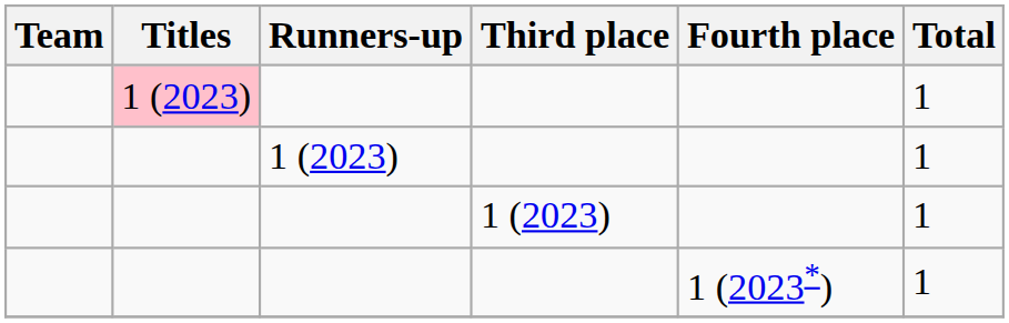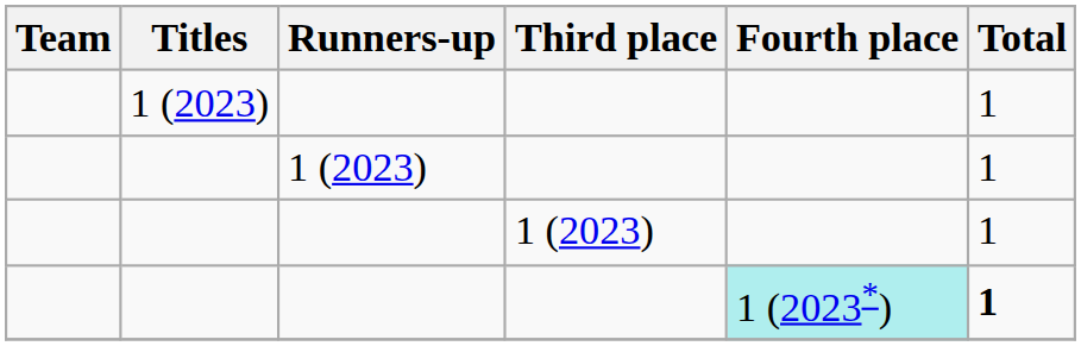 <table class="wikitable sortable">
 <tr>
 <th>Team</th>
 <th>Titles</th>
 <th>Runners-up</th>
 <th>Third place</th>
 <th>Fourth place</th>
 <th>Total</th>
 </tr>
 <tr>
 <td></td>
-<td style="background: pink;">1 (<a href='#'>2023</a>)</td>
+<td>1 (<a href='#'>2023</a>)</td>
 <td></td>
 <td></td>
 <td></td>
 <td>1</td>
 </tr>
 <tr>
 <td></td>
 <td></td>
 <td>1 (<a href='#'>2023</a>)</td>
 <td></td>
 <td></td>
 <td>1</td>
 </tr>
 <tr>
 <td></td>
 <td></td>
 <td></td>
 <td>1 (<a href='#'>2023</a>)</td>
 <td></td>
 <td>1</td>
 </tr>
 <tr>
 <td></td>
 <td></td>
 <td></td>
 <td></td>
-<td>1 (<a href='#'>2023</a><sup><a href='#'>*</a></sup>)</td>
-<td>1</td>
+<td style="background: paleturquoise;">1 (<a href='#'>2023</a><sup><a href='#'>*</a></sup>)</td>
+<td><strong>1</strong></td>
 </tr>
 <tr>
 </tr>
 </table>
